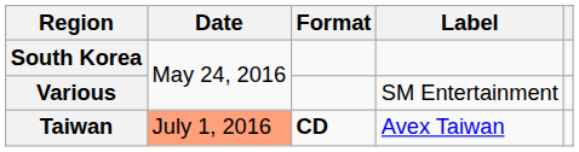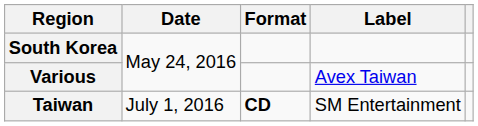 <table class="wikitable plainrowheaders">
 <tr>
 <th scope="col">Region</th>
 <th scope="col">Date</th>
 <th scope="col">Format</th>
 <th scope="col">Label</th>
 <th scope="col"></th>
 </tr>
 <tr>
 <th scope="row">South Korea</th>
 <td rowspan="2">May 24, 2016</td>
 <td></td>
 <td></td>
 <td style="text-align:center"></td>
 </tr>
 <tr>
 <th scope="row">Various</th>
 <td></td>
-<td>SM Entertainment</td>
+<td><a href='#'>Avex Taiwan</a></td>
 <td style="text-align:center"></td>
 </tr>
 <tr>
 <th scope="row">Taiwan</th>
-<td style="background: lightsalmon;">July 1, 2016</td>
+<td>July 1, 2016</td>
 <td><strong>CD</strong></td>
-<td><a href='#'>Avex Taiwan</a></td>
+<td>SM Entertainment</td>
 <td style="text-align:center"></td>
 </tr>
 </table>
